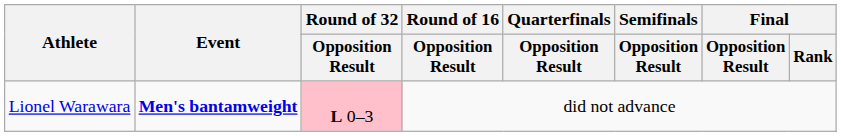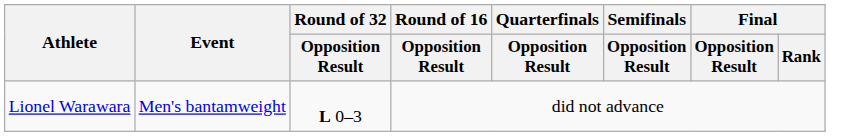 <table class="wikitable" style="font-size:90%">
 <tr>
 <th rowspan=2>Athlete</th>
 <th rowspan=2>Event</th>
 <th>Round of 32</th>
 <th>Round of 16</th>
 <th>Quarterfinals</th>
 <th>Semifinals</th>
 <th colspan=2>Final</th>
 </tr>
 <tr style="font-size:95%">
 <th>Opposition<br>Result</th>
 <th>Opposition<br>Result</th>
 <th>Opposition<br>Result</th>
 <th>Opposition<br>Result</th>
 <th>Opposition<br>Result</th>
 <th>Rank</th>
 </tr>
 <tr align=center>
 <td align=left><a href='#'>Lionel Warawara</a></td>
-<td align=left><strong><a href='#'>Men's bantamweight</a></strong></td>
-<td style="background: pink;"><br><strong>L</strong> 0–3</td>
+<td align=left><a href='#'>Men's bantamweight</a></td>
+<td><br><strong>L</strong> 0–3</td>
 <td colspan=5>did not advance</td>
 </tr>
 </table>
